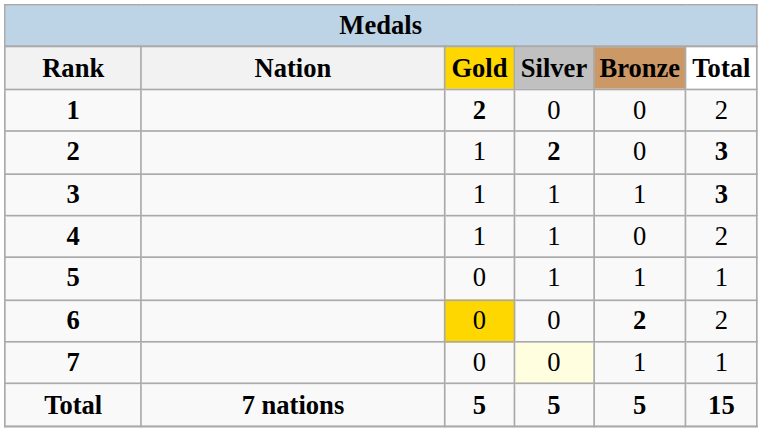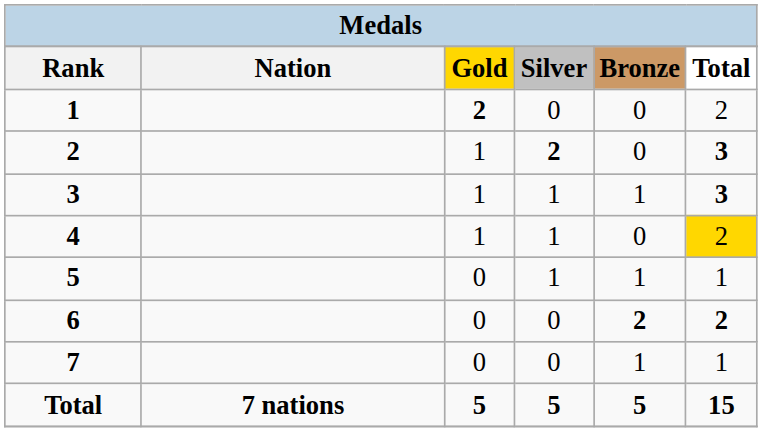 <table class="wikitable" style="text-align:center;">
 <tr>
 <td colspan="6" style="background:#BCD4E6"><strong>Medals</strong></td>
 </tr>
 <tr>
 </tr>
 <tr style="background-color:#EDEDED;">
 <th width=75px class="hintergrundfarbe5">Rank</th>
 <th width=175px class="hintergrundfarbe6">Nation</th>
 <th style="background:    gold; width:35px">Gold</th>
 <th style="background:  silver; width:35px">Silver</th>
 <th style="background: #CC9966; width:35px">Bronze</th>
 <th style="background:   white; width:35px">Total</th>
 </tr>
 <tr>
 <td><strong>1</strong></td>
 <td align=left></td>
 <td><strong>2</strong></td>
 <td>0</td>
 <td>0</td>
 <td>2</td>
 </tr>
 <tr>
 <td><strong>2</strong></td>
 <td align=left></td>
 <td>1</td>
 <td><strong>2</strong></td>
 <td>0</td>
 <td><strong>3</strong></td>
 </tr>
 <tr>
 <td><strong>3</strong></td>
 <td align=left></td>
 <td>1</td>
 <td>1</td>
 <td>1</td>
 <td><strong>3</strong></td>
 </tr>
 <tr>
 <td><strong>4</strong></td>
 <td align=left></td>
 <td>1</td>
 <td>1</td>
 <td>0</td>
-<td>2</td>
+<td style="background: gold;">2</td>
 </tr>
 <tr>
 <td><strong>5</strong></td>
 <td align=left></td>
 <td>0</td>
 <td>1</td>
 <td>1</td>
 <td>1</td>
 </tr>
 <tr>
 <td><strong>6</strong></td>
 <td align=left></td>
-<td style="background: gold;">0</td>
+<td>0</td>
 <td>0</td>
 <td><strong>2</strong></td>
-<td>2</td>
+<td><strong>2</strong></td>
 </tr>
 <tr>
 <td><strong>7</strong></td>
 <td align=left></td>
 <td>0</td>
-<td style="background: lightyellow;">0</td>
+<td>0</td>
 <td>1</td>
 <td>1</td>
 </tr>
 <tr>
 <td><strong>Total</strong></td>
 <td><strong>7 nations</strong></td>
 <td><strong>5</strong></td>
 <td><strong>5</strong></td>
 <td><strong>5</strong></td>
 <td><strong>15</strong></td>
 </tr>
 <tr>
 </tr>
 </table>
